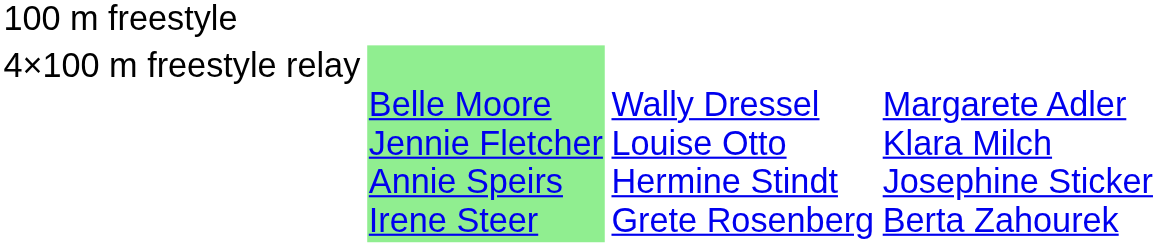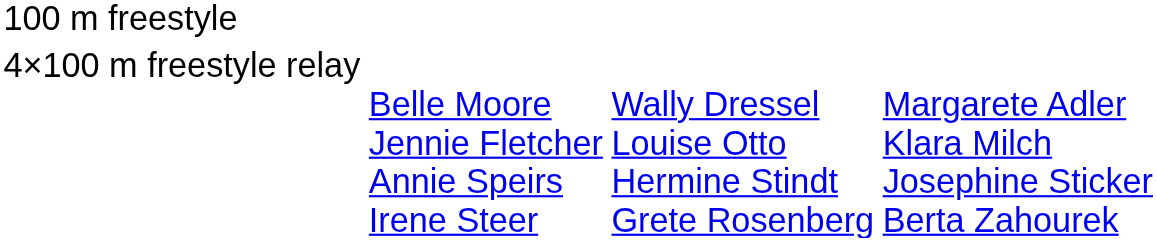 <table>
 <tr>
 <td>100 m freestyle<br></td>
 <td></td>
 <td></td>
 <td></td>
 </tr>
 <tr valign="top">
 <td>4×100 m freestyle relay<br></td>
-<td style="background: lightgreen;"><br><a href='#'>Belle Moore</a><br><a href='#'>Jennie Fletcher</a><br><a href='#'>Annie Speirs</a><br><a href='#'>Irene Steer</a></td>
+<td><br><a href='#'>Belle Moore</a><br><a href='#'>Jennie Fletcher</a><br><a href='#'>Annie Speirs</a><br><a href='#'>Irene Steer</a></td>
 <td><br><a href='#'>Wally Dressel</a><br><a href='#'>Louise Otto</a><br><a href='#'>Hermine Stindt</a><br><a href='#'>Grete Rosenberg</a></td>
 <td><br><a href='#'>Margarete Adler</a><br><a href='#'>Klara Milch</a><br><a href='#'>Josephine Sticker</a><br><a href='#'>Berta Zahourek</a></td>
 </tr>
 </table>
